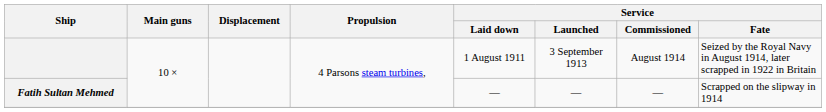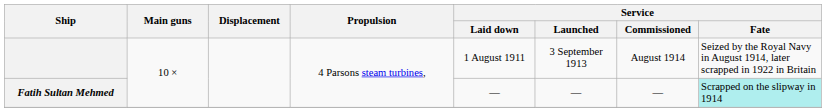 <table class="wikitable" width=98%>
 <tr valign="center"|- valign="center">
 <th width=15%; align= center rowspan=2 scope="col">Ship</th>
 <th width=10%; align= center rowspan=2 scope="col">Main guns</th>
 <th width=10%; align= center rowspan=2 scope="col">Displacement</th>
 <th width=20%; align= center rowspan=2 scope="col">Propulsion</th>
 <th width=40%; align= center colspan=4>Service</th>
 </tr>
 <tr valign="center">
 <th width=10%; align= center scope="col">Laid down</th>
 <th width=10%; align= center scope="col">Launched</th>
 <th width=10%; align= center scope="col">Commissioned</th>
 <th width=20%; align= center scope="col">Fate</th>
 </tr>
 <tr valign="center">
 <th align= left scope="row"></th>
 <td align= center rowspan=2>10 × </td>
 <td align= center rowspan=2></td>
 <td align= center rowspan=2>4 Parsons <a href='#'>steam turbines</a>, </td>
 <td align= center>1 August 1911</td>
 <td align= center>3 September 1913</td>
 <td align= center>August 1914</td>
 <td align= left>Seized by the Royal Navy in August 1914, later scrapped in 1922 in Britain</td>
 </tr>
 <tr valign="center">
 <th align= left scope="row"><em>Fatih Sultan Mehmed</em></th>
 <td align= center>—</td>
 <td align= center>—</td>
 <td align= center>—</td>
-<td align= left>Scrapped on the slipway in 1914</td>
+<td align= left style="background: paleturquoise;">Scrapped on the slipway in 1914</td>
 </tr>
 <tr valign="center">
 </tr>
 <tr>
 </tr>
 </table>
